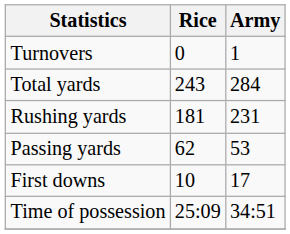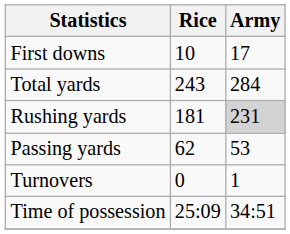 <table class="wikitable" style="float: right;">
 <tr>
 <th>Statistics</th>
 <th>Rice</th>
 <th>Army</th>
 </tr>
 <tr>
-<td>Turnovers</td>
-<td>0</td>
-<td>1</td>
+<td>First downs</td>
+<td>10</td>
+<td>17</td>
 </tr>
 <tr>
 <td>Total yards</td>
 <td>243</td>
 <td>284</td>
 </tr>
 <tr>
 <td>Rushing yards</td>
 <td>181</td>
-<td>231</td>
+<td style="background: lightgrey;">231</td>
 </tr>
 <tr>
 <td>Passing yards</td>
 <td>62</td>
 <td>53</td>
 </tr>
 <tr>
-<td>First downs</td>
-<td>10</td>
-<td>17</td>
+<td>Turnovers</td>
+<td>0</td>
+<td>1</td>
 </tr>
 <tr>
 <td>Time of possession</td>
 <td>25:09</td>
 <td>34:51</td>
 </tr>
 <tr>
 </tr>
 </table>
